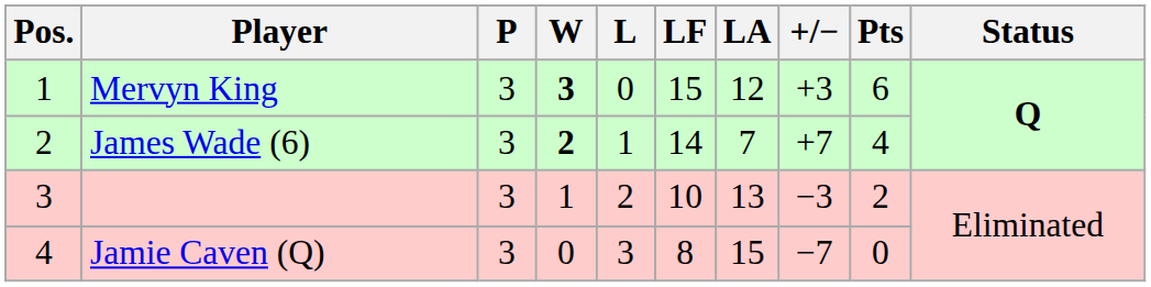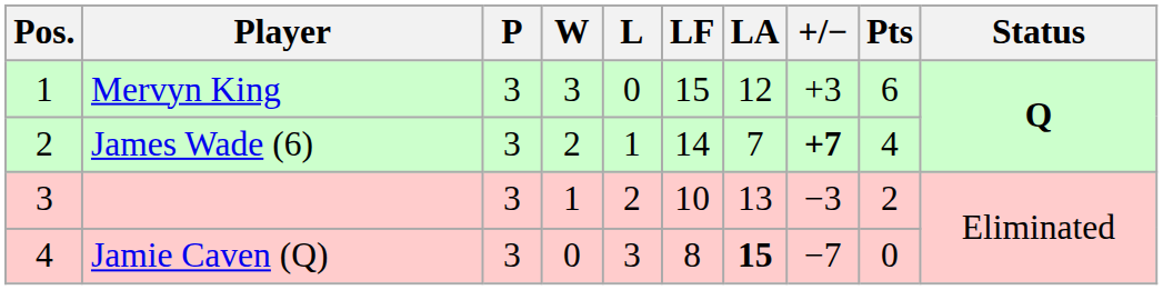 <table class="wikitable" style="text-align:center; margin: 1em auto 1em auto, align:left">
 <tr>
 <th width=20>Pos.</th>
 <th width=175>Player</th>
 <th width=20>P</th>
 <th width=20>W</th>
 <th width=20>L</th>
 <th width=20>LF</th>
 <th width=20>LA</th>
 <th width=25>+/−</th>
 <th width=20>Pts</th>
 <th width=100>Status</th>
 </tr>
 <tr style="background:#CCFFCC;">
 <td>1</td>
 <td style="text-align:left;"> <a href='#'>Mervyn King</a></td>
 <td>3</td>
-<td><strong>3</strong></td>
+<td>3</td>
 <td>0</td>
 <td>15</td>
 <td>12</td>
 <td>+3</td>
 <td>6</td>
 <td rowspan=2><strong>Q</strong></td>
 </tr>
 <tr style="background:#CCFFCC;">
 <td>2</td>
 <td style="text-align:left;"> <a href='#'>James Wade</a> (6)</td>
 <td>3</td>
-<td><strong>2</strong></td>
+<td>2</td>
 <td>1</td>
 <td>14</td>
 <td>7</td>
-<td>+7</td>
+<td><strong>+7</strong></td>
 <td>4</td>
 </tr>
 <tr style="background:#FFCCCC;">
 <td>3</td>
 <td style="text-align:left;"></td>
 <td>3</td>
 <td>1</td>
 <td>2</td>
 <td>10</td>
 <td>13</td>
 <td>−3</td>
 <td>2</td>
 <td rowspan=2>Eliminated</td>
 </tr>
 <tr style="background:#FFCCCC;">
 <td>4</td>
 <td style="text-align:left;"> <a href='#'>Jamie Caven</a> (Q)</td>
 <td>3</td>
 <td>0</td>
 <td>3</td>
 <td>8</td>
-<td>15</td>
+<td><strong>15</strong></td>
 <td>−7</td>
 <td>0</td>
 </tr>
 </table>
